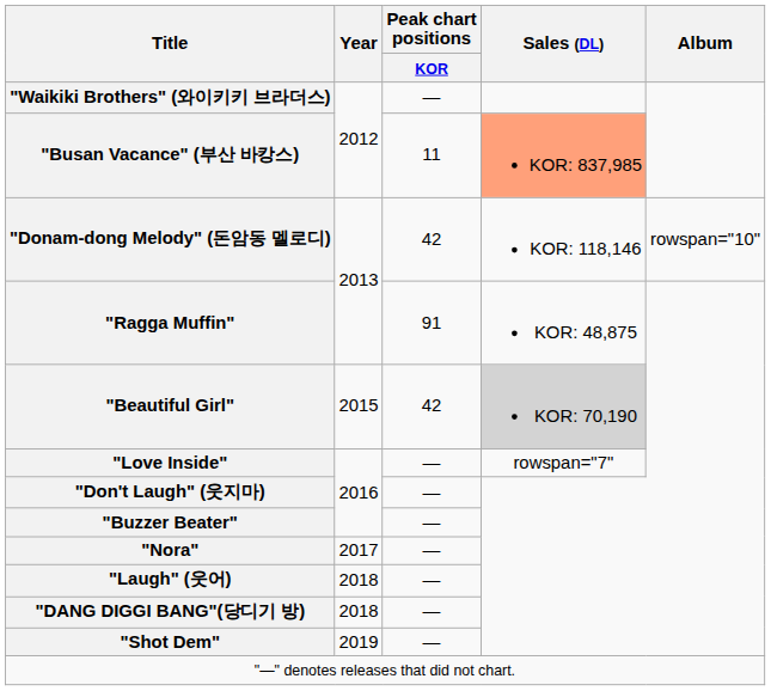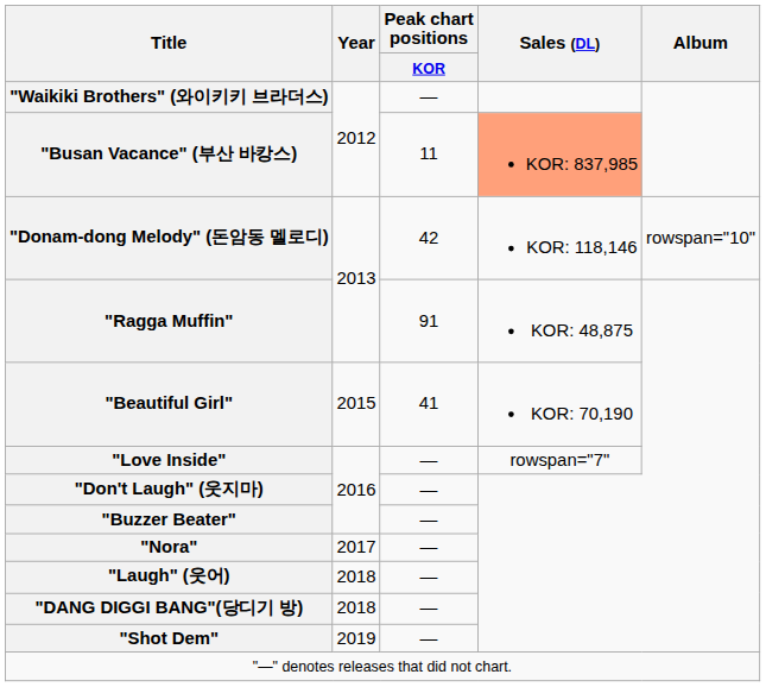 <table class="wikitable plainrowheaders" style="text-align:center;">
 <tr>
 <th scope="col" rowspan="2">Title</th>
 <th scope="col" rowspan="2">Year</th>
 <th scope="col" colspan="1">Peak chart <br> positions</th>
 <th scope="col" rowspan="2">Sales <small>(<a href='#'>DL</a>)</small></th>
 <th scope="col" rowspan="2">Album</th>
 </tr>
 <tr>
 <th><small><a href='#'>KOR</a></small><br></th>
 </tr>
 <tr>
 <th scope="row">"Waikiki Brothers" (와이키키 브라더스)</th>
 <td rowspan="2">2012</td>
 <td>—</td>
 <td></td>
 <td rowspan="2"><em></em></td>
 </tr>
 <tr>
 <th scope="row">"Busan Vacance" (부산 바캉스)</th>
 <td>11</td>
 <td style="background: lightsalmon;"><br><ul><li>KOR: 837,985</li></ul></td>
 </tr>
 <tr>
 <th scope="row">"Donam-dong Melody" (돈암동 멜로디)</th>
 <td rowspan="2">2013</td>
 <td>42</td>
 <td><br><ul><li>KOR: 118,146</li></ul></td>
 <td>rowspan="10" </td>
 </tr>
 <tr>
 <th scope="row">"Ragga Muffin"</th>
 <td>91</td>
 <td><br><ul><li>KOR: 48,875</li></ul></td>
 </tr>
 <tr>
 <th scope="row">"Beautiful Girl"<br></th>
 <td>2015</td>
-<td>42</td>
-<td style="background: lightgrey;"><br><ul><li>KOR: 70,190</li></ul></td>
+<td>41</td>
+<td><br><ul><li>KOR: 70,190</li></ul></td>
 </tr>
 <tr>
 <th scope="row">"Love Inside"<br></th>
 <td rowspan="3">2016</td>
 <td>—</td>
 <td>rowspan="7" </td>
 </tr>
 <tr>
 <th scope="row">"Don't Laugh" (웃지마)<br></th>
 <td>—</td>
 </tr>
 <tr>
 <th scope="row">"Buzzer Beater"<br></th>
 <td>—</td>
 </tr>
 <tr>
 <th scope="row">"Nora"<br></th>
 <td>2017</td>
 <td>—</td>
 </tr>
 <tr>
 <th scope="row">"Laugh" (웃어)</th>
 <td>2018</td>
 <td>—</td>
 </tr>
 <tr>
 <th scope="row">"DANG DIGGI BANG"(당디기 방)<br></th>
 <td>2018</td>
 <td>—</td>
 </tr>
 <tr>
 <th scope="row">"Shot Dem"<br></th>
 <td>2019</td>
 <td>—</td>
 </tr>
 <tr>
 <td colspan="5"><small>"—" denotes releases that did not chart.</small></td>
 </tr>
 </table>
